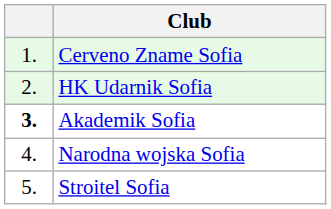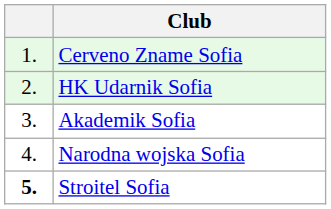 <table class="wikitable">
 <tr>
 <th width="30"></th>
 <th width="200">Club</th>
 </tr>
 <tr bgcolor="#e6fae6" align="center">
 <td>1.</td>
 <td align="left"><a href='#'>Cerveno Zname Sofia</a></td>
 </tr>
 <tr bgcolor="#e6fae6" align="center">
 <td>2.</td>
 <td align="left"><a href='#'>HK Udarnik Sofia</a></td>
 </tr>
 <tr bgcolor="#FFFFFF" align="center">
-<td><strong>3.</strong></td>
+<td>3.</td>
 <td align="left"><a href='#'>Akademik Sofia</a></td>
 </tr>
 <tr bgcolor="#FFFFFF" align="center">
 <td>4.</td>
 <td align="left"><a href='#'>Narodna wojska Sofia</a></td>
 </tr>
 <tr bgcolor="#FFFFFF" align="center">
-<td>5.</td>
+<td><strong>5.</strong></td>
 <td align="left"><a href='#'>Stroitel Sofia</a></td>
 </tr>
 </table>
